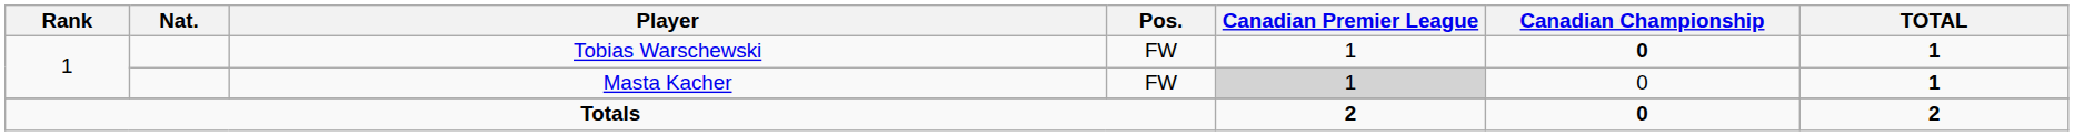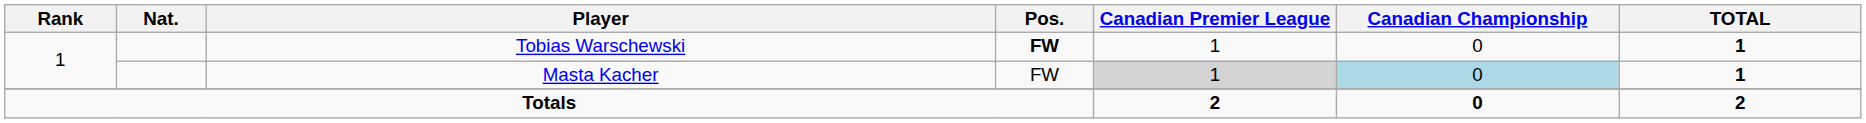 <table class="wikitable sortable alternance"  style="font-size:85%; text-align:center; line-height:14px; width:85%;">
 <tr>
 <th width=10><strong>Rank</strong></th>
 <th width=10><strong>Nat.</strong></th>
 <th scope="col" style="width:275px;"><strong>Player</strong></th>
 <th width=10><strong>Pos.</strong></th>
 <th width=80><a href='#'>Canadian Premier League</a></th>
 <th width=80><a href='#'>Canadian Championship</a></th>
 <th width=80>TOTAL</th>
 </tr>
 <tr>
 <td rowspan=2>1</td>
 <td></td>
 <td><a href='#'>Tobias Warschewski</a></td>
-<td>FW</td>
+<td><strong>FW</strong></td>
 <td>1</td>
-<td><strong>0</strong></td>
+<td>0</td>
 <td><strong>1</strong></td>
 </tr>
 <tr>
 <td></td>
 <td><a href='#'>Masta Kacher</a></td>
 <td>FW</td>
 <td style="background: lightgrey;">1</td>
-<td>0</td>
+<td style="background: lightblue;">0</td>
 <td><strong>1</strong></td>
 </tr>
 <tr>
 </tr>
 <tr class="sortbottom">
 <td colspan="4"><strong>Totals</strong></td>
 <td><strong>2</strong></td>
 <td><strong>0</strong></td>
 <td><strong>2</strong></td>
 </tr>
 </table>
